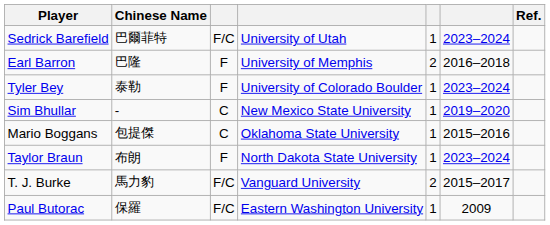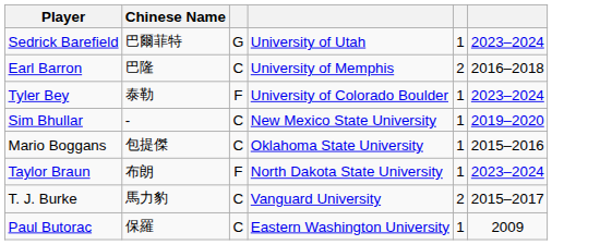 <table class="wikitable sortable" style="font-size:95%; text-align:left;">
 <tr>
 <th>Player</th>
 <th>Chinese Name</th>
 <th></th>
 <th></th>
 <th></th>
 <th></th>
-<th>Ref.</th>
 </tr>
 <tr>
 <td><a href='#'>Sedrick Barefield</a></td>
 <td>巴爾菲特</td>
-<td align="center">F/C</td>
+<td align="center">G</td>
 <td><a href='#'>University of Utah</a></td>
 <td align="center">1</td>
 <td align="center"><a href='#'>2023–2024</a></td>
-<td></td>
 </tr>
 <tr>
 <td><a href='#'>Earl Barron</a></td>
 <td>巴隆</td>
-<td align="center">F</td>
+<td align="center">C</td>
 <td><a href='#'>University of Memphis</a></td>
 <td align="center">2</td>
 <td align="center">2016–2018</td>
-<td></td>
 </tr>
 <tr>
 <td><a href='#'>Tyler Bey</a></td>
 <td>泰勒</td>
 <td align="center">F</td>
 <td><a href='#'>University of Colorado Boulder</a></td>
 <td align="center">1</td>
 <td align="center"><a href='#'>2023–2024</a></td>
-<td></td>
 </tr>
 <tr>
 <td><a href='#'>Sim Bhullar</a></td>
 <td>-</td>
 <td align="center">C</td>
 <td><a href='#'>New Mexico State University</a></td>
 <td align="center">1</td>
 <td align="center"><a href='#'>2019–2020</a></td>
-<td></td>
 </tr>
 <tr>
 <td>Mario Boggans</td>
 <td>包提傑</td>
 <td align="center">C</td>
 <td><a href='#'>Oklahoma State University</a></td>
 <td align="center">1</td>
 <td align="center">2015–2016</td>
-<td></td>
 </tr>
 <tr>
 <td><a href='#'>Taylor Braun</a></td>
 <td>布朗</td>
 <td align="center">F</td>
 <td><a href='#'>North Dakota State University</a></td>
 <td align="center">1</td>
 <td align="center"><a href='#'>2023–2024</a></td>
-<td></td>
 </tr>
 <tr>
 <td>T. J. Burke</td>
 <td>馬力豹</td>
-<td align="center">F/C</td>
+<td align="center">C</td>
 <td><a href='#'>Vanguard University</a></td>
 <td align="center">2</td>
 <td align="center">2015–2017</td>
-<td></td>
 </tr>
 <tr>
 <td><a href='#'>Paul Butorac</a></td>
 <td>保羅</td>
-<td align="center">F/C</td>
+<td align="center">C</td>
 <td><a href='#'>Eastern Washington University</a></td>
 <td align="center">1</td>
 <td align="center">2009</td>
-<td></td>
 </tr>
 </table>
